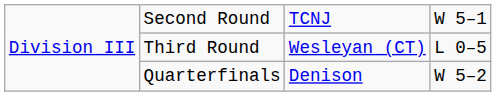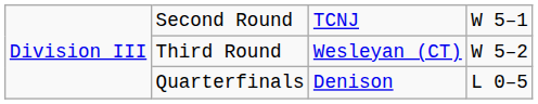 <table class="wikitable">
 <tr>
 <td rowspan="5"><a href='#'>Division III</a></td>
 <td>Second Round</td>
 <td><a href='#'>TCNJ</a></td>
 <td>W 5–1</td>
 </tr>
 <tr>
 <td>Third Round</td>
 <td><a href='#'>Wesleyan (CT)</a></td>
-<td>L 0–5</td>
+<td>W 5–2</td>
 </tr>
 <tr>
 <td>Quarterfinals</td>
 <td><a href='#'>Denison</a></td>
-<td>W 5–2</td>
+<td>L 0–5</td>
 </tr>
 </table>
